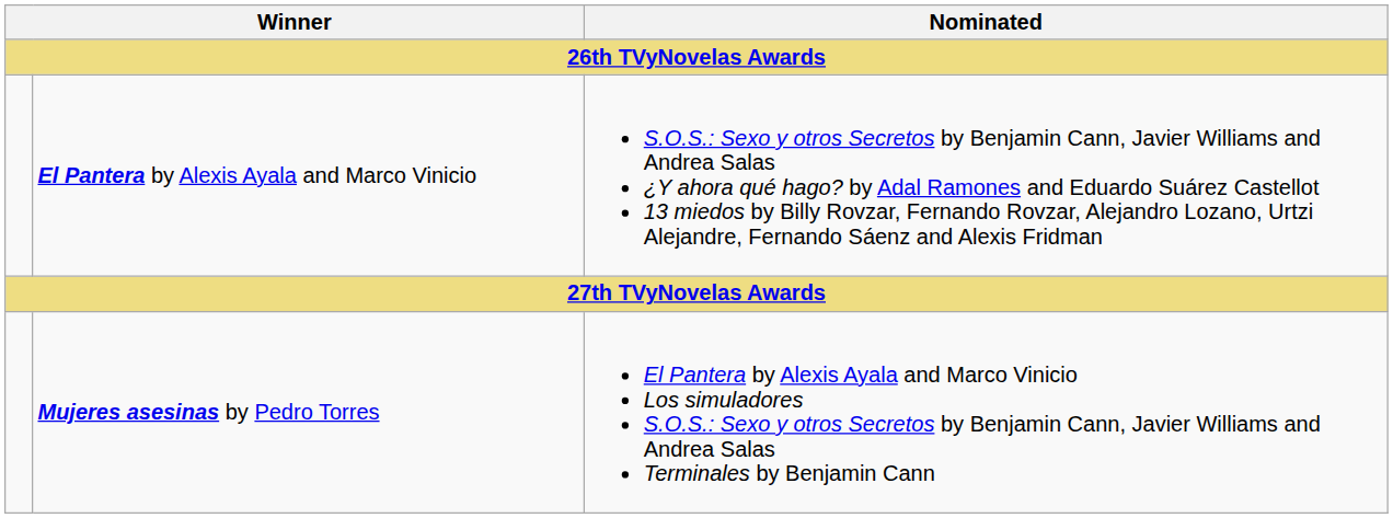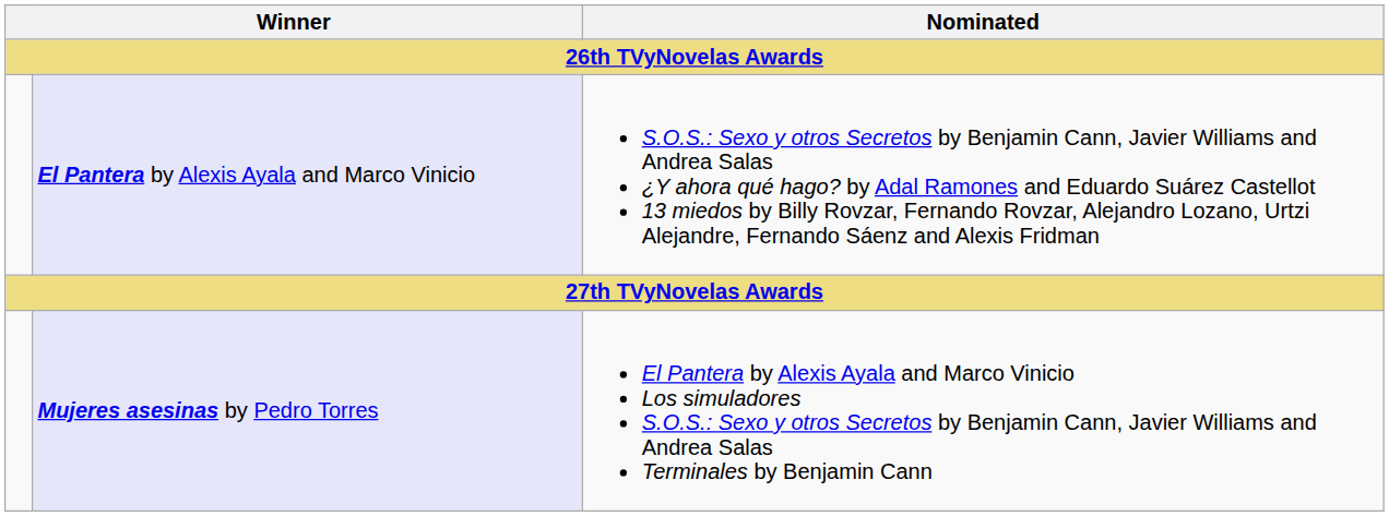 <table class="wikitable" width=80%>
 <tr align=center>
 <th width="150px;" colspan=2; align="center">Winner</th>
 <th width="580px;" align="center">Nominated</th>
 </tr>
 <tr>
 <th colspan=9 style="background:#EEDD82;"  align="center"><strong><a href='#'>26th TVyNovelas Awards</a></strong></th>
 </tr>
 <tr>
 <td width=2%></td>
-<td><strong><em><a href='#'>El Pantera</a></em></strong> by <a href='#'>Alexis Ayala</a> and Marco Vinicio</td>
+<td style="background: lavender;"><strong><em><a href='#'>El Pantera</a></em></strong> by <a href='#'>Alexis Ayala</a> and Marco Vinicio</td>
 <td><br><ul><li><em><a href='#'>S.O.S.: Sexo y otros Secretos</a></em> by Benjamin Cann, Javier Williams and Andrea Salas</li><li><em>¿Y ahora qué hago?</em> by <a href='#'>Adal Ramones</a> and Eduardo Suárez Castellot</li><li><em>13 miedos</em> by Billy Rovzar, Fernando Rovzar, Alejandro Lozano, Urtzi Alejandre, Fernando Sáenz and Alexis Fridman</li></ul></td>
 </tr>
 <tr>
 <th colspan=9 style="background:#EEDD82;"  align="center"><strong><a href='#'>27th TVyNovelas Awards</a></strong></th>
 </tr>
 <tr>
 <td width=2%></td>
-<td><strong><em><a href='#'>Mujeres asesinas</a></em></strong> by <a href='#'>Pedro Torres</a></td>
+<td style="background: lavender;"><strong><em><a href='#'>Mujeres asesinas</a></em></strong> by <a href='#'>Pedro Torres</a></td>
 <td><br><ul><li><em><a href='#'>El Pantera</a></em> by <a href='#'>Alexis Ayala</a> and Marco Vinicio</li><li><em>Los simuladores</em></li><li><em><a href='#'>S.O.S.: Sexo y otros Secretos</a></em> by Benjamin Cann, Javier Williams and Andrea Salas</li><li><em>Terminales</em> by Benjamin Cann</li></ul></td>
 </tr>
 </table>
